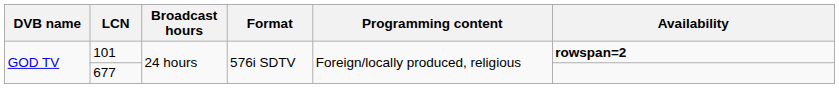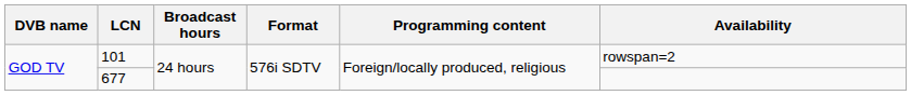 <table class="wikitable" style="font-size:90%; width:100%;">
 <tr>
 <th width="10%">DVB name</th>
 <th width="6%">LCN</th>
 <th width="10%">Broadcast hours</th>
 <th width="10%">Format</th>
 <th width="28%">Programming content</th>
 <th width="33%">Availability</th>
 </tr>
 <tr>
 <td rowspan=2><a href='#'>GOD TV</a></td>
 <td>101</td>
 <td rowspan=2>24 hours</td>
 <td rowspan=2>576i SDTV</td>
 <td rowspan=2>Foreign/locally produced, religious</td>
-<td><strong>rowspan=2 </strong></td>
+<td>rowspan=2 </td>
 </tr>
 <tr>
 <td>677</td>
 </tr>
 </table>
